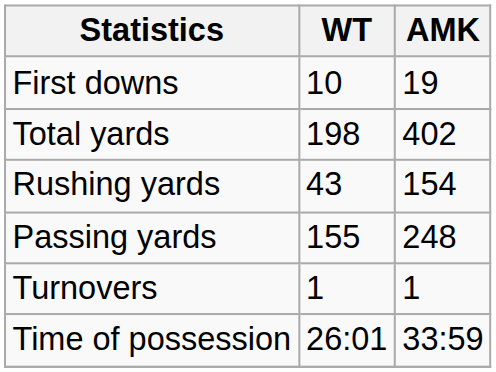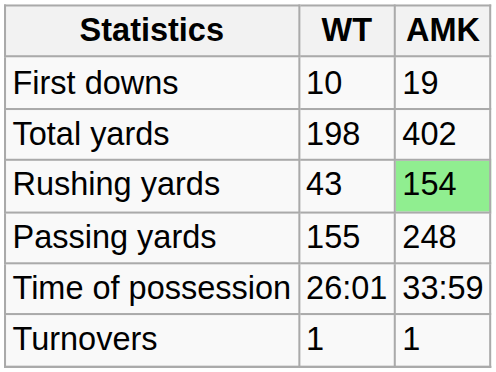 <table class="wikitable" style="float: left;">
 <tr>
 <th>Statistics</th>
 <th>WT</th>
 <th>AMK</th>
 </tr>
 <tr>
 <td>First downs</td>
 <td>10</td>
 <td>19</td>
 </tr>
 <tr>
 <td>Total yards</td>
 <td>198</td>
 <td>402</td>
 </tr>
 <tr>
 <td>Rushing yards</td>
 <td>43</td>
-<td>154</td>
+<td style="background: lightgreen;">154</td>
 </tr>
 <tr>
 <td>Passing yards</td>
 <td>155</td>
 <td>248</td>
 </tr>
 <tr>
+<td>Time of possession</td>
+<td>26:01</td>
+<td>33:59</td>
+</tr>
+<tr>
 <td>Turnovers</td>
 <td>1</td>
 <td>1</td>
 </tr>
 <tr>
-<td>Time of possession</td>
-<td>26:01</td>
-<td>33:59</td>
-</tr>
-<tr>
 </tr>
 </table>
